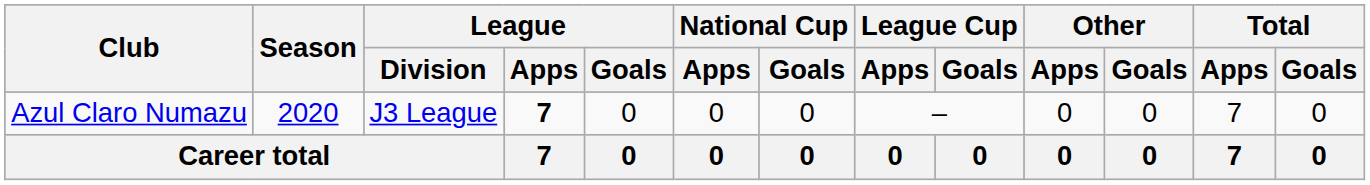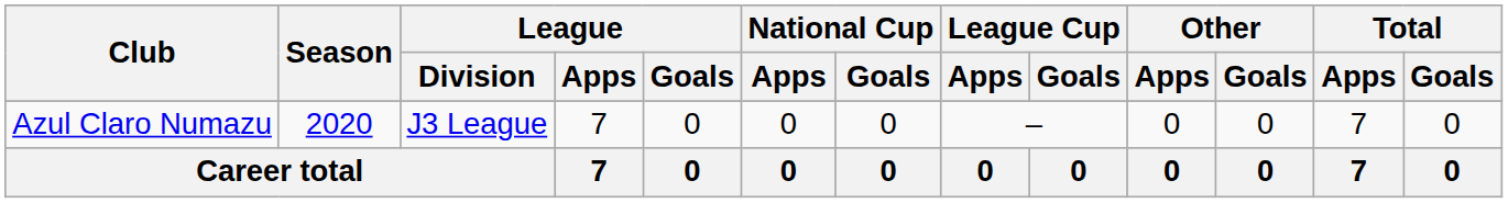 <table class="wikitable" style="text-align: center">
 <tr>
 <th rowspan="2">Club</th>
 <th rowspan="2">Season</th>
 <th colspan="3">League</th>
 <th colspan="2">National Cup</th>
 <th colspan="2">League Cup</th>
 <th colspan="2">Other</th>
 <th colspan="2">Total</th>
 </tr>
 <tr>
 <th>Division</th>
 <th>Apps</th>
 <th>Goals</th>
 <th>Apps</th>
 <th>Goals</th>
 <th>Apps</th>
 <th>Goals</th>
 <th>Apps</th>
 <th>Goals</th>
 <th>Apps</th>
 <th>Goals</th>
 </tr>
 <tr>
 <td><a href='#'>Azul Claro Numazu</a></td>
 <td><a href='#'>2020</a></td>
 <td><a href='#'>J3 League</a></td>
-<td><strong>7</strong></td>
+<td>7</td>
 <td>0</td>
 <td>0</td>
 <td>0</td>
 <td colspan="2">–</td>
 <td>0</td>
 <td>0</td>
 <td>7</td>
 <td>0</td>
 </tr>
 <tr>
 <th colspan=3>Career total</th>
 <th>7</th>
 <th>0</th>
 <th>0</th>
 <th>0</th>
 <th>0</th>
 <th>0</th>
 <th>0</th>
 <th>0</th>
 <th>7</th>
 <th>0</th>
 </tr>
 </table>
